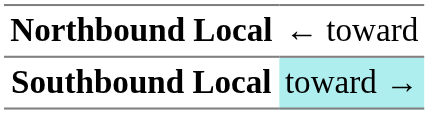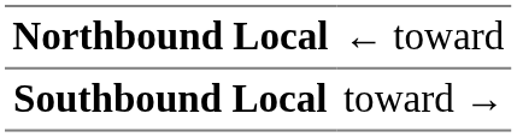 <table border="1" cellspacing="0" cellpadding="3" frame="hsides" rules="rows">
 <tr>
 <th><span>Northbound Local</span></th>
 <td>←  toward </td>
 </tr>
 <tr>
 <th><span>Southbound Local</span></th>
-<td style="background: paleturquoise;">  toward  →</td>
+<td>  toward  →</td>
 </tr>
 </table>
